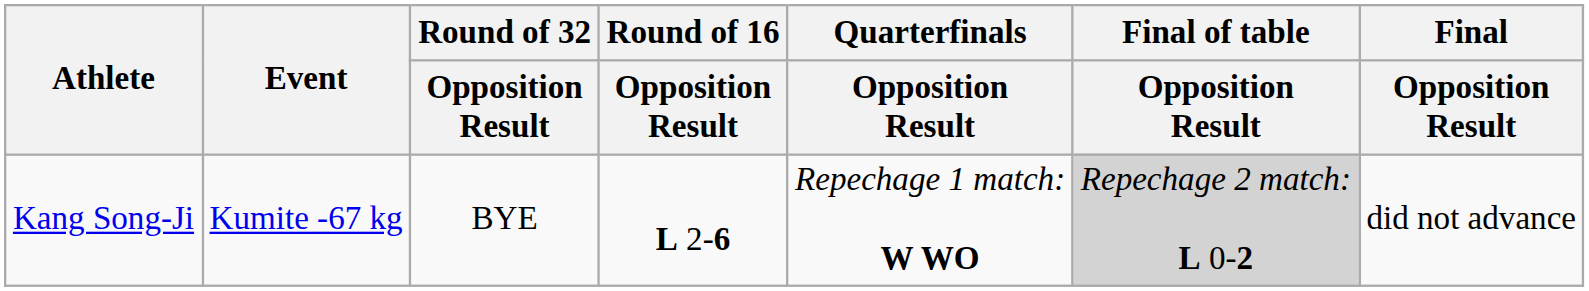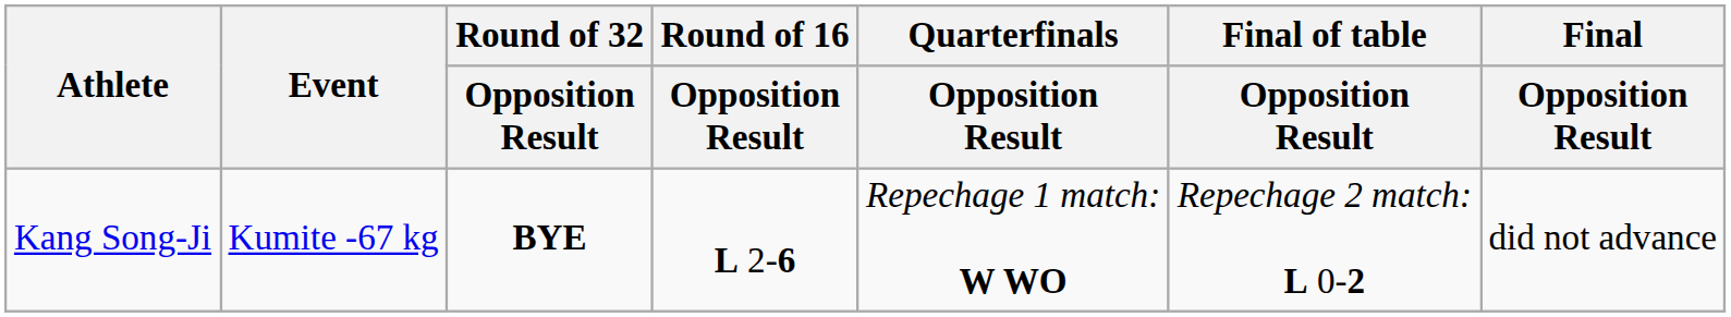 <table class=wikitable style="font-size:90%">
 <tr>
 <th rowspan=2>Athlete</th>
 <th rowspan=2>Event</th>
 <th>Round of 32</th>
 <th>Round of 16</th>
 <th>Quarterfinals</th>
 <th>Final of table</th>
 <th>Final</th>
 </tr>
 <tr>
 <th>Opposition<br>Result</th>
 <th>Opposition<br>Result</th>
 <th>Opposition<br>Result</th>
 <th>Opposition<br>Result</th>
 <th>Opposition<br>Result</th>
 </tr>
 <tr>
 <td><a href='#'>Kang Song-Ji</a></td>
 <td><a href='#'>Kumite -67 kg</a></td>
-<td align=center>BYE</td>
+<td align=center><strong>BYE</strong></td>
 <td align=center><br><strong>L</strong> 2-<strong>6</strong></td>
 <td align=center><em>Repechage 1 match:</em><br><br><strong>W WO</strong></td>
-<td align=center style="background: lightgrey;"><em>Repechage 2 match:</em><br><br><strong>L</strong> 0-<strong>2</strong></td>
+<td align=center><em>Repechage 2 match:</em><br><br><strong>L</strong> 0-<strong>2</strong></td>
 <td align=center colspan="7">did not advance</td>
 </tr>
 </table>
